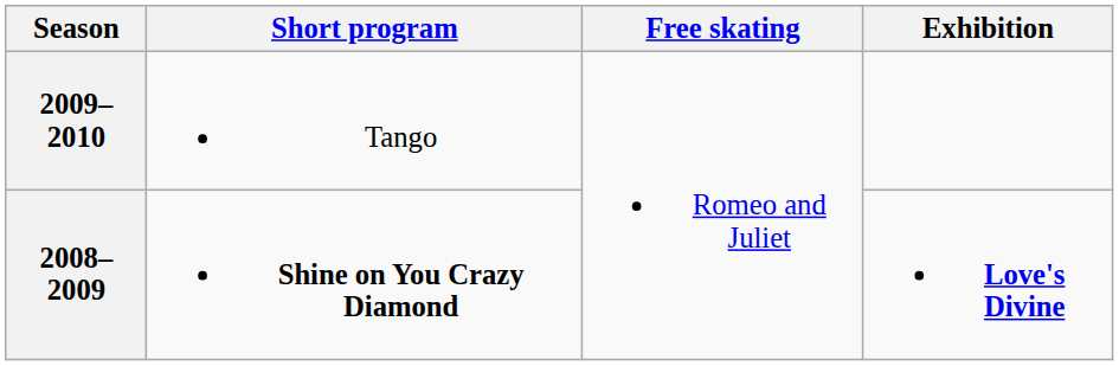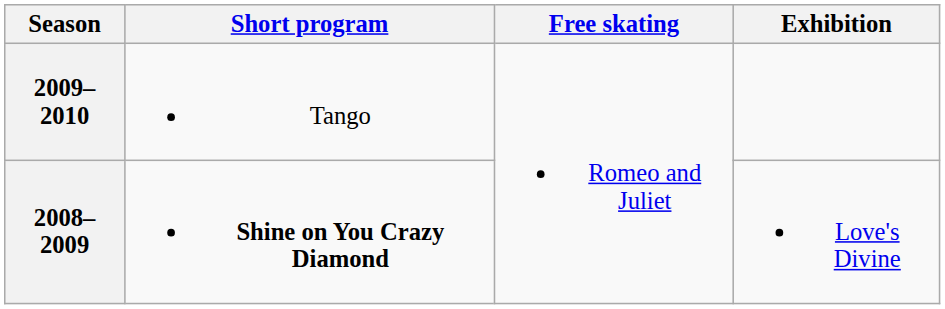 <table class="wikitable" style="text-align:center">
 <tr>
 <th>Season</th>
 <th><a href='#'>Short program</a></th>
 <th><a href='#'>Free skating</a></th>
 <th>Exhibition</th>
 </tr>
 <tr>
 <th>2009–2010 <br> </th>
 <td><br><ul><li>Tango <br></li></ul></td>
 <td rowspan=2><br><ul><li><a href='#'>Romeo and Juliet</a></li></ul></td>
 <td></td>
 </tr>
 <tr>
 <th>2008–2009 <br> </th>
 <td><strong><br><ul><li>Shine on You Crazy Diamond <br></li></ul></strong></td>
-<td><strong><br><ul><li><a href='#'>Love's Divine</a> <br></li></ul></strong></td>
+<td><br><ul><li><a href='#'>Love's Divine</a> <br></li></ul></td>
 </tr>
 </table>
